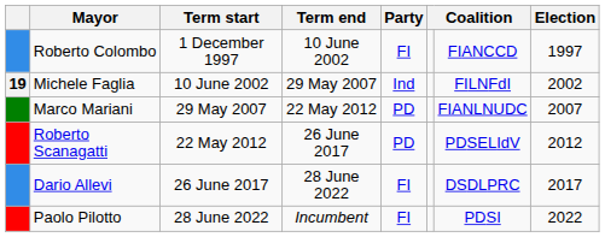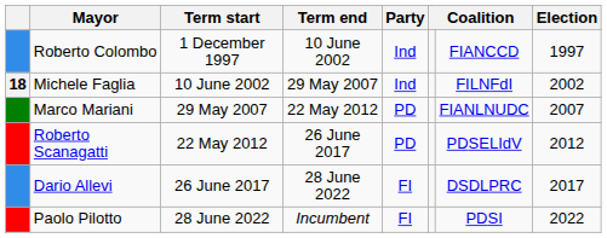 <table class="wikitable">
 <tr>
 <th class=unsortable> </th>
 <th>Mayor</th>
 <th>Term start</th>
 <th>Term end</th>
 <th>Party</th>
 <th colspan="2">Coalition</th>
 <th>Election</th>
 </tr>
 <tr>
 <th style="background:#318CE7;"></th>
 <td>Roberto Colombo</td>
 <td align=center>1 December 1997</td>
 <td align=center>10 June 2002</td>
-<td align=center><a href='#'>FI</a></td>
+<td align=center><a href='#'>Ind</a></td>
 <td style="background: "></td>
 <td align=center><a href='#'>FI</a><a href='#'>AN</a><a href='#'>CCD</a></td>
 <td align=center>1997</td>
 </tr>
 <tr>
-<th style="background:">19</th>
+<th style="background:">18</th>
 <td>Michele Faglia</td>
 <td align=center>10 June 2002</td>
 <td align=center>29 May 2007</td>
 <td align=center><a href='#'>Ind</a></td>
 <td style="background: "></td>
 <td align=center><a href='#'>FI</a><a href='#'>LN</a><a href='#'>FdI</a></td>
 <td align=center>2002</td>
 </tr>
 <tr>
 <th style="background:#008000;"></th>
 <td>Marco Mariani</td>
 <td align=center>29 May 2007</td>
 <td align=center>22 May 2012</td>
 <td align=center><a href='#'>PD</a></td>
 <td style="background: "></td>
 <td align=center><a href='#'>FI</a><a href='#'>AN</a><a href='#'>LN</a><a href='#'>UDC</a></td>
 <td align=center>2007</td>
 </tr>
 <tr>
 <th style="background:#FF0000;"></th>
 <td><a href='#'>Roberto Scanagatti</a></td>
 <td align=center>22 May 2012</td>
 <td align=center>26 June 2017</td>
 <td align=center><a href='#'>PD</a></td>
 <td style="background: "></td>
 <td align=center><a href='#'>PD</a><a href='#'>SEL</a><a href='#'>IdV</a></td>
 <td align=center>2012</td>
 </tr>
 <tr>
 <th style="background:#318CE7;"></th>
 <td><a href='#'>Dario Allevi</a></td>
 <td align=center>26 June 2017</td>
 <td align=center>28 June 2022</td>
 <td align=center><a href='#'>FI</a></td>
 <td style="background: "></td>
 <td align=center><a href='#'>DS</a><a href='#'>DL</a><a href='#'>PRC</a></td>
 <td align=center>2017</td>
 </tr>
 <tr>
 <th style="background:#FF0000;"></th>
 <td>Paolo Pilotto</td>
 <td align=center>28 June 2022</td>
 <td align=center><em>Incumbent</em></td>
 <td align=center><a href='#'>FI</a></td>
 <td style="background: "></td>
 <td align=center><a href='#'>PD</a><a href='#'>SI</a></td>
 <td align=center>2022</td>
 </tr>
 </table>
